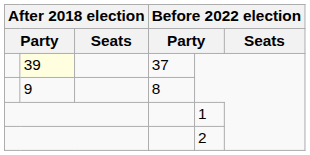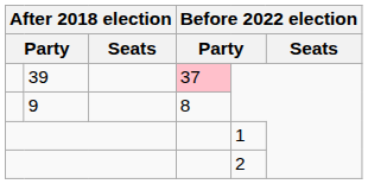 <table class="wikitable">
 <tr>
 <th colspan="3">After 2018 election</th>
 <th colspan="3">Before 2022 election</th>
 </tr>
 <tr>
 <th colspan="2">Party</th>
 <th>Seats</th>
 <th colspan="2">Party</th>
 <th>Seats</th>
 </tr>
 <tr>
 <td></td>
-<td style="background: lightyellow;">39</td>
+<td>39</td>
 <td></td>
-<td>37</td>
+<td style="background: pink;">37</td>
 </tr>
 <tr>
 <td></td>
 <td>9</td>
 <td></td>
 <td>8</td>
 </tr>
 <tr>
 <td colspan="3"></td>
 <td></td>
 <td>1</td>
 </tr>
 <tr>
 <td colspan="3"></td>
 <td></td>
 <td>2</td>
 </tr>
 </table>
